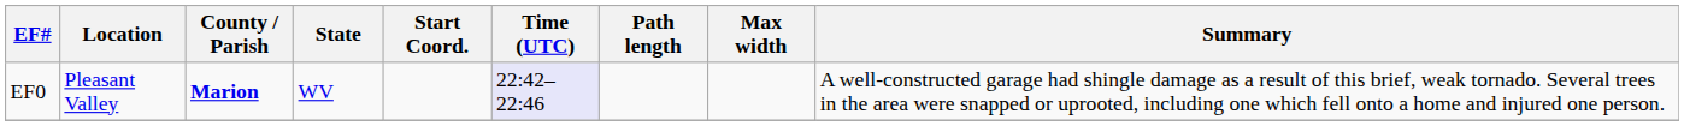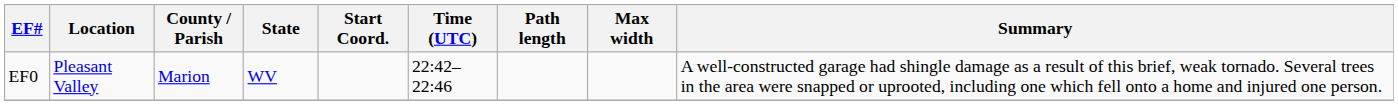 <table class="wikitable sortable" style="width:100%;">
 <tr>
 <th scope="col"  style="width:3%; text-align:center;"><a href='#'>EF#</a></th>
 <th scope="col"  style="width:7%; text-align:center;" class="unsortable">Location</th>
 <th scope="col"  style="width:6%; text-align:center;" class="unsortable">County / Parish</th>
 <th scope="col"  style="width:5%; text-align:center;">State</th>
 <th scope="col"  style="width:6%; text-align:center;">Start Coord.</th>
 <th scope="col"  style="width:6%; text-align:center;">Time (<a href='#'>UTC</a>)</th>
 <th scope="col"  style="width:6%; text-align:center;">Path length</th>
 <th scope="col"  style="width:6%; text-align:center;">Max width</th>
 <th scope="col" class="unsortable" style="width:48%; text-align:center;">Summary</th>
 </tr>
 <tr>
 <td>EF0</td>
 <td><a href='#'>Pleasant Valley</a></td>
-<td><strong><a href='#'>Marion</a></strong></td>
+<td><a href='#'>Marion</a></td>
 <td><a href='#'>WV</a></td>
 <td></td>
-<td style="background: lavender;">22:42–22:46</td>
+<td>22:42–22:46</td>
 <td></td>
 <td></td>
 <td>A well-constructed garage had shingle damage as a result of this brief, weak tornado. Several trees in the area were snapped or uprooted, including one which fell onto a home and injured one person.</td>
 </tr>
 <tr>
 </tr>
 </table>
